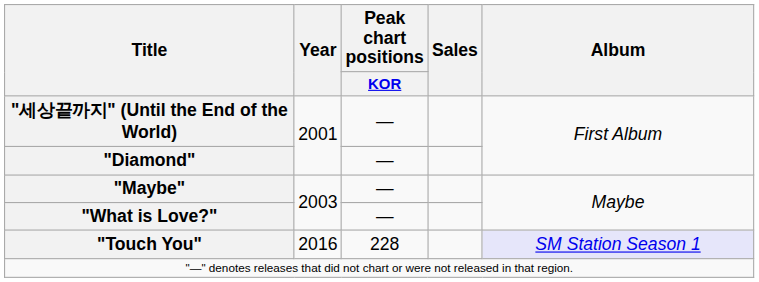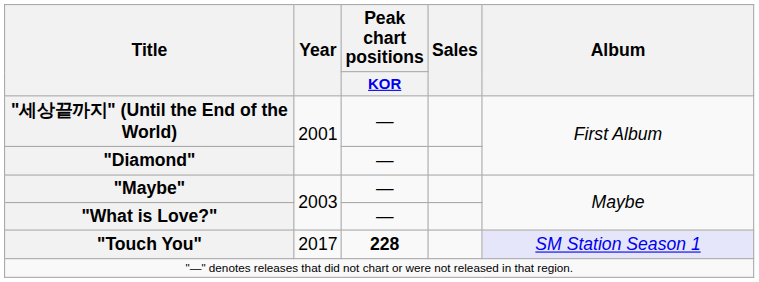 <table class="wikitable plainrowheaders" style="text-align:center;">
 <tr>
 <th scope="col" rowspan="2" style="width:16em;">Title</th>
 <th scope="col" rowspan="2">Year</th>
 <th scope="col" colspan="1">Peak chart positions</th>
 <th scope="col" rowspan="2">Sales</th>
 <th scope="col" rowspan="2" style="width:15em;">Album</th>
 </tr>
 <tr>
 <th style="width:3em;font-size:85%"><a href='#'>KOR</a><br></th>
 </tr>
 <tr>
 <th scope="row">"세상끝까지" (Until the End of the World)</th>
 <td rowspan="2">2001</td>
 <td>—</td>
 <td></td>
 <td rowspan="2"><em>First Album</em></td>
 </tr>
 <tr>
 <th scope="row">"Diamond"</th>
 <td>—</td>
 <td></td>
 </tr>
 <tr>
 <th scope="row">"Maybe"</th>
 <td rowspan="2">2003</td>
 <td>—</td>
 <td></td>
 <td rowspan="2"><em>Maybe</em></td>
 </tr>
 <tr>
 <th scope="row">"What is Love?"</th>
 <td>—</td>
 <td></td>
 </tr>
 <tr>
 <th scope="row">"Touch You"</th>
-<td>2016</td>
-<td>228</td>
+<td>2017</td>
+<td><strong>228</strong></td>
 <td></td>
 <td style="background: lavender;"><em><a href='#'>SM Station Season 1</a></em></td>
 </tr>
 <tr>
 <td align="center" colspan="12" style="font-size:8pt">"—" denotes releases that did not chart or were not released in that region.</td>
 </tr>
 </table>
